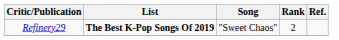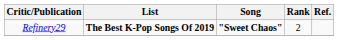 <table class="sortable wikitable">
 <tr>
 <th>Critic/Publication</th>
 <th>List</th>
 <th>Song</th>
 <th>Rank</th>
 <th>Ref.</th>
 </tr>
 <tr>
 <td align="center"><em><a href='#'>Refinery29</a></em></td>
 <td align="center"><strong>The Best K-Pop Songs Of 2019</strong></td>
-<td align="center">"Sweet Chaos"</td>
+<td align="center"><strong>"Sweet Chaos"</strong></td>
 <td align="center">2</td>
 <td></td>
 </tr>
 <tr>
 </tr>
 </table>
